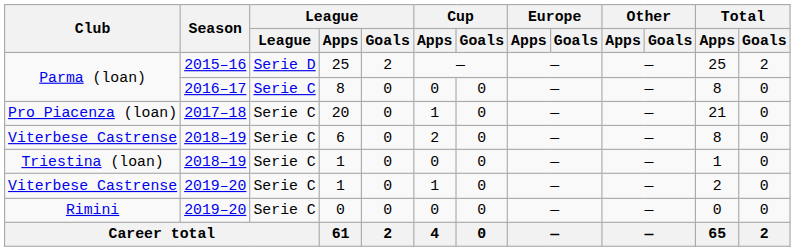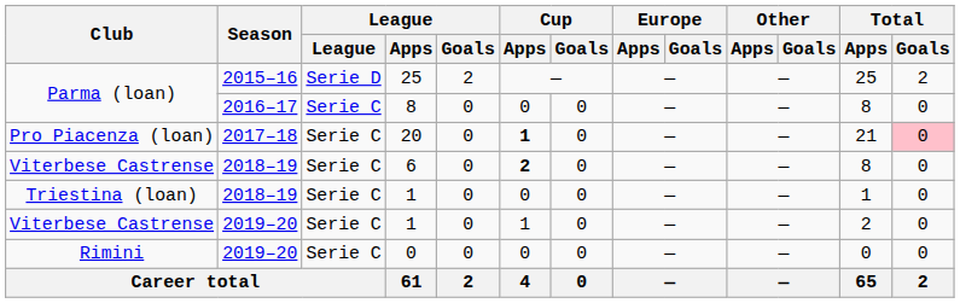 <table class="wikitable" style="text-align: center;">
 <tr>
 <th rowspan="2">Club</th>
 <th rowspan="2">Season</th>
 <th colspan="3">League</th>
 <th colspan="2">Cup</th>
 <th colspan="2">Europe</th>
 <th colspan="2">Other</th>
 <th colspan="2">Total</th>
 </tr>
 <tr>
 <th>League</th>
 <th>Apps</th>
 <th>Goals</th>
 <th>Apps</th>
 <th>Goals</th>
 <th>Apps</th>
 <th>Goals</th>
 <th>Apps</th>
 <th>Goals</th>
 <th>Apps</th>
 <th>Goals</th>
 </tr>
 <tr>
 <td rowspan="2"><a href='#'>Parma</a> (loan)</td>
 <td><a href='#'>2015–16</a></td>
 <td><a href='#'>Serie D</a></td>
 <td>25</td>
 <td>2</td>
 <td colspan="2">—</td>
 <td colspan="2">—</td>
 <td colspan="2">—</td>
 <td>25</td>
 <td>2</td>
 </tr>
 <tr>
 <td><a href='#'>2016–17</a></td>
 <td><a href='#'>Serie C</a></td>
 <td>8</td>
 <td>0</td>
 <td>0</td>
 <td>0</td>
 <td colspan="2">—</td>
 <td colspan="2">—</td>
 <td>8</td>
 <td>0</td>
 </tr>
 <tr>
 <td><a href='#'>Pro Piacenza</a> (loan)</td>
 <td><a href='#'>2017–18</a></td>
 <td>Serie C</td>
 <td>20</td>
 <td>0</td>
-<td>1</td>
+<td><strong>1</strong></td>
 <td>0</td>
 <td colspan="2">—</td>
 <td colspan="2">—</td>
 <td>21</td>
-<td>0</td>
+<td style="background: pink;">0</td>
 </tr>
 <tr>
 <td><a href='#'>Viterbese Castrense</a></td>
 <td><a href='#'>2018–19</a></td>
 <td>Serie C</td>
 <td>6</td>
 <td>0</td>
-<td>2</td>
+<td><strong>2</strong></td>
 <td>0</td>
 <td colspan="2">—</td>
 <td colspan="2">—</td>
 <td>8</td>
 <td>0</td>
 </tr>
 <tr>
 <td><a href='#'>Triestina</a> (loan)</td>
 <td><a href='#'>2018–19</a></td>
 <td>Serie C</td>
 <td>1</td>
 <td>0</td>
 <td>0</td>
 <td>0</td>
 <td colspan="2">—</td>
 <td colspan="2">—</td>
 <td>1</td>
 <td>0</td>
 </tr>
 <tr>
 <td><a href='#'>Viterbese Castrense</a></td>
 <td><a href='#'>2019–20</a></td>
 <td>Serie C</td>
 <td>1</td>
 <td>0</td>
 <td>1</td>
 <td>0</td>
 <td colspan="2">—</td>
 <td colspan="2">—</td>
 <td>2</td>
 <td>0</td>
 </tr>
 <tr>
 <td><a href='#'>Rimini</a></td>
 <td><a href='#'>2019–20</a></td>
 <td>Serie C</td>
 <td>0</td>
 <td>0</td>
 <td>0</td>
 <td>0</td>
 <td colspan="2">—</td>
 <td colspan="2">—</td>
 <td>0</td>
 <td>0</td>
 </tr>
 <tr>
 <th colspan="3">Career total</th>
 <th>61</th>
 <th>2</th>
 <th>4</th>
 <th>0</th>
 <th colspan="2">—</th>
 <th colspan="2">—</th>
 <th>65</th>
 <th>2</th>
 </tr>
 </table>
